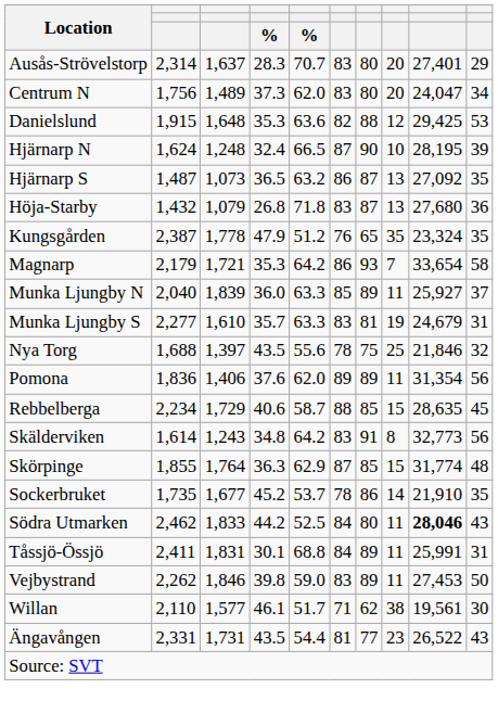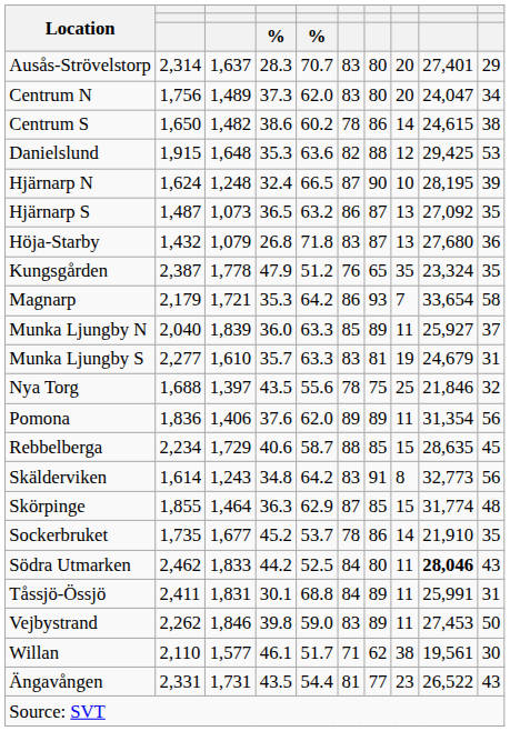 <table role="presentation" class="wikitable sortable mw-collapsible mw-collapsed">
 <tr>
 <th rowspan="3">Location</th>
 <th></th>
 <th></th>
 <th></th>
 <th></th>
 <th></th>
 <th></th>
 <th></th>
 <th></th>
 <th></th>
 </tr>
 <tr>
 <th></th>
 <th></th>
 <th style="background:"></th>
 <th style="background:"></th>
 <th></th>
 <th></th>
 <th></th>
 <th></th>
 <th></th>
 </tr>
 <tr>
 <th data-sort-type="number"></th>
 <th data-sort-type="number"></th>
 <th data-sort-type="number">%</th>
 <th data-sort-type="number">%</th>
 <th data-sort-type="number"></th>
 <th data-sort-type="number"></th>
 <th data-sort-type="number"></th>
 <th data-sort-type="number"></th>
 <th data-sort-type="number"></th>
 </tr>
 <tr>
 <td align="left">Ausås-Strövelstorp</td>
 <td>2,314</td>
 <td>1,637</td>
 <td>28.3</td>
 <td>70.7</td>
 <td>83</td>
 <td>80</td>
 <td>20</td>
 <td>27,401</td>
 <td>29</td>
 </tr>
 <tr>
 <td align="left">Centrum N</td>
 <td>1,756</td>
 <td>1,489</td>
 <td>37.3</td>
 <td>62.0</td>
 <td>83</td>
 <td>80</td>
 <td>20</td>
 <td>24,047</td>
 <td>34</td>
+</tr>
+<tr>
+<td align="left">Centrum S</td>
+<td>1,650</td>
+<td>1,482</td>
+<td>38.6</td>
+<td>60.2</td>
+<td>78</td>
+<td>86</td>
+<td>14</td>
+<td>24,615</td>
+<td>38</td>
 </tr>
 <tr>
 <td align="left">Danielslund</td>
 <td>1,915</td>
 <td>1,648</td>
 <td>35.3</td>
 <td>63.6</td>
 <td>82</td>
 <td>88</td>
 <td>12</td>
 <td>29,425</td>
 <td>53</td>
 </tr>
 <tr>
 <td align="left">Hjärnarp N</td>
 <td>1,624</td>
 <td>1,248</td>
 <td>32.4</td>
 <td>66.5</td>
 <td>87</td>
 <td>90</td>
 <td>10</td>
 <td>28,195</td>
 <td>39</td>
 </tr>
 <tr>
 <td align="left">Hjärnarp S</td>
 <td>1,487</td>
 <td>1,073</td>
 <td>36.5</td>
 <td>63.2</td>
 <td>86</td>
 <td>87</td>
 <td>13</td>
 <td>27,092</td>
 <td>35</td>
 </tr>
 <tr>
 <td align="left">Höja-Starby</td>
 <td>1,432</td>
 <td>1,079</td>
 <td>26.8</td>
 <td>71.8</td>
 <td>83</td>
 <td>87</td>
 <td>13</td>
 <td>27,680</td>
 <td>36</td>
 </tr>
 <tr>
 <td align="left">Kungsgården</td>
 <td>2,387</td>
 <td>1,778</td>
 <td>47.9</td>
 <td>51.2</td>
 <td>76</td>
 <td>65</td>
 <td>35</td>
 <td>23,324</td>
 <td>35</td>
 </tr>
 <tr>
 <td align="left">Magnarp</td>
 <td>2,179</td>
 <td>1,721</td>
 <td>35.3</td>
 <td>64.2</td>
 <td>86</td>
 <td>93</td>
 <td>7</td>
 <td>33,654</td>
 <td>58</td>
 </tr>
 <tr>
 <td align="left">Munka Ljungby N</td>
 <td>2,040</td>
 <td>1,839</td>
 <td>36.0</td>
 <td>63.3</td>
 <td>85</td>
 <td>89</td>
 <td>11</td>
 <td>25,927</td>
 <td>37</td>
 </tr>
 <tr>
 <td align="left">Munka Ljungby S</td>
 <td>2,277</td>
 <td>1,610</td>
 <td>35.7</td>
 <td>63.3</td>
 <td>83</td>
 <td>81</td>
 <td>19</td>
 <td>24,679</td>
 <td>31</td>
 </tr>
 <tr>
 <td align="left">Nya Torg</td>
 <td>1,688</td>
 <td>1,397</td>
 <td>43.5</td>
 <td>55.6</td>
 <td>78</td>
 <td>75</td>
 <td>25</td>
 <td>21,846</td>
 <td>32</td>
 </tr>
 <tr>
 <td align="left">Pomona</td>
 <td>1,836</td>
 <td>1,406</td>
 <td>37.6</td>
 <td>62.0</td>
 <td>89</td>
 <td>89</td>
 <td>11</td>
 <td>31,354</td>
 <td>56</td>
 </tr>
 <tr>
 <td align="left">Rebbelberga</td>
 <td>2,234</td>
 <td>1,729</td>
 <td>40.6</td>
 <td>58.7</td>
 <td>88</td>
 <td>85</td>
 <td>15</td>
 <td>28,635</td>
 <td>45</td>
 </tr>
 <tr>
 <td align="left">Skälderviken</td>
 <td>1,614</td>
 <td>1,243</td>
 <td>34.8</td>
 <td>64.2</td>
 <td>83</td>
 <td>91</td>
 <td>8</td>
 <td>32,773</td>
 <td>56</td>
 </tr>
 <tr>
 <td align="left">Skörpinge</td>
 <td>1,855</td>
-<td>1,764</td>
+<td>1,464</td>
 <td>36.3</td>
 <td>62.9</td>
 <td>87</td>
 <td>85</td>
 <td>15</td>
 <td>31,774</td>
 <td>48</td>
 </tr>
 <tr>
 <td align="left">Sockerbruket</td>
 <td>1,735</td>
 <td>1,677</td>
 <td>45.2</td>
 <td>53.7</td>
 <td>78</td>
 <td>86</td>
 <td>14</td>
 <td>21,910</td>
 <td>35</td>
 </tr>
 <tr>
 <td align="left">Södra Utmarken</td>
 <td>2,462</td>
 <td>1,833</td>
 <td>44.2</td>
 <td>52.5</td>
 <td>84</td>
 <td>80</td>
 <td>11</td>
 <td><strong>28,046</strong></td>
 <td>43</td>
 </tr>
 <tr>
 <td align="left">Tåssjö-Össjö</td>
 <td>2,411</td>
 <td>1,831</td>
 <td>30.1</td>
 <td>68.8</td>
 <td>84</td>
 <td>89</td>
 <td>11</td>
 <td>25,991</td>
 <td>31</td>
 </tr>
 <tr>
 <td align="left">Vejbystrand</td>
 <td>2,262</td>
 <td>1,846</td>
 <td>39.8</td>
 <td>59.0</td>
 <td>83</td>
 <td>89</td>
 <td>11</td>
 <td>27,453</td>
 <td>50</td>
 </tr>
 <tr>
 <td align="left">Willan</td>
 <td>2,110</td>
 <td>1,577</td>
 <td>46.1</td>
 <td>51.7</td>
 <td>71</td>
 <td>62</td>
 <td>38</td>
 <td>19,561</td>
 <td>30</td>
 </tr>
 <tr>
 <td align="left">Ängavången</td>
 <td>2,331</td>
 <td>1,731</td>
 <td>43.5</td>
 <td>54.4</td>
 <td>81</td>
 <td>77</td>
 <td>23</td>
 <td>26,522</td>
 <td>43</td>
 </tr>
 <tr>
 <td colspan="10" align="left">Source: <a href='#'>SVT</a></td>
 </tr>
 </table>
